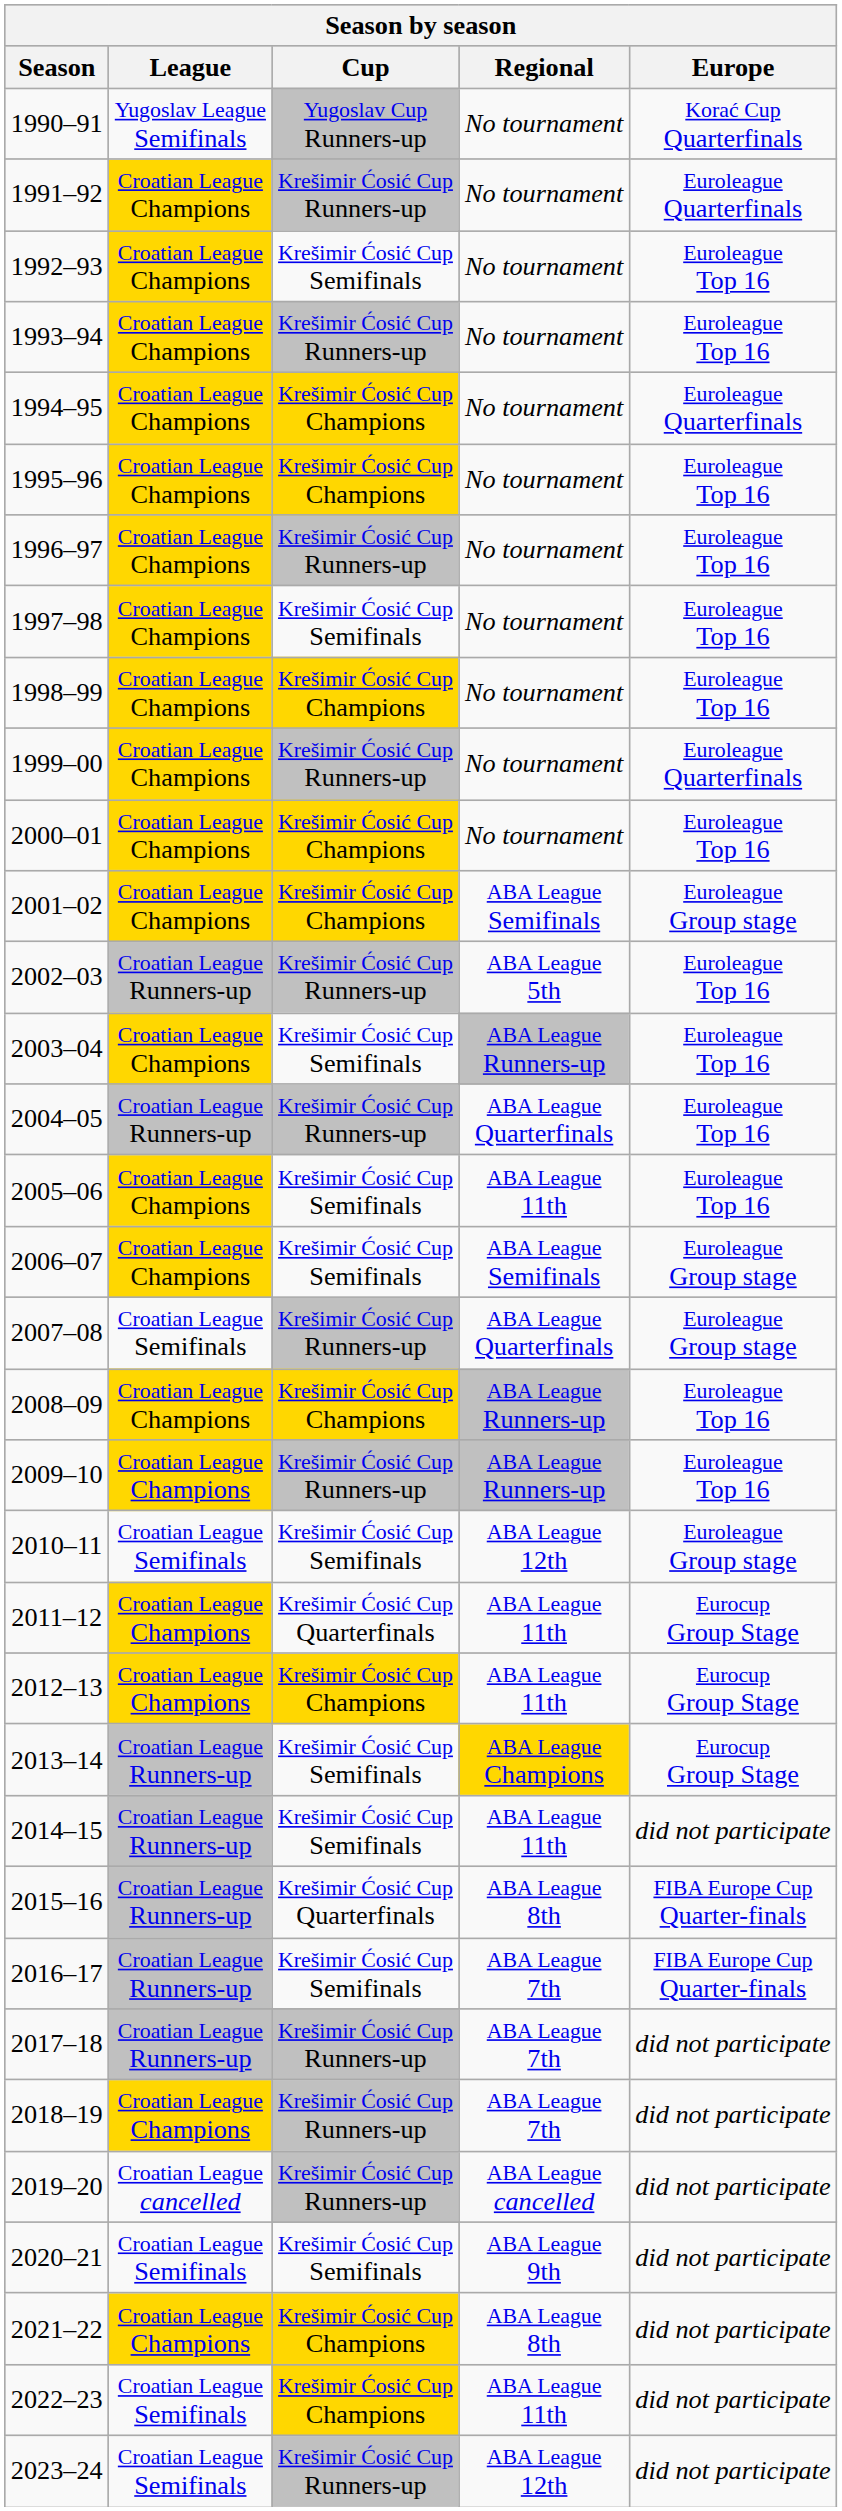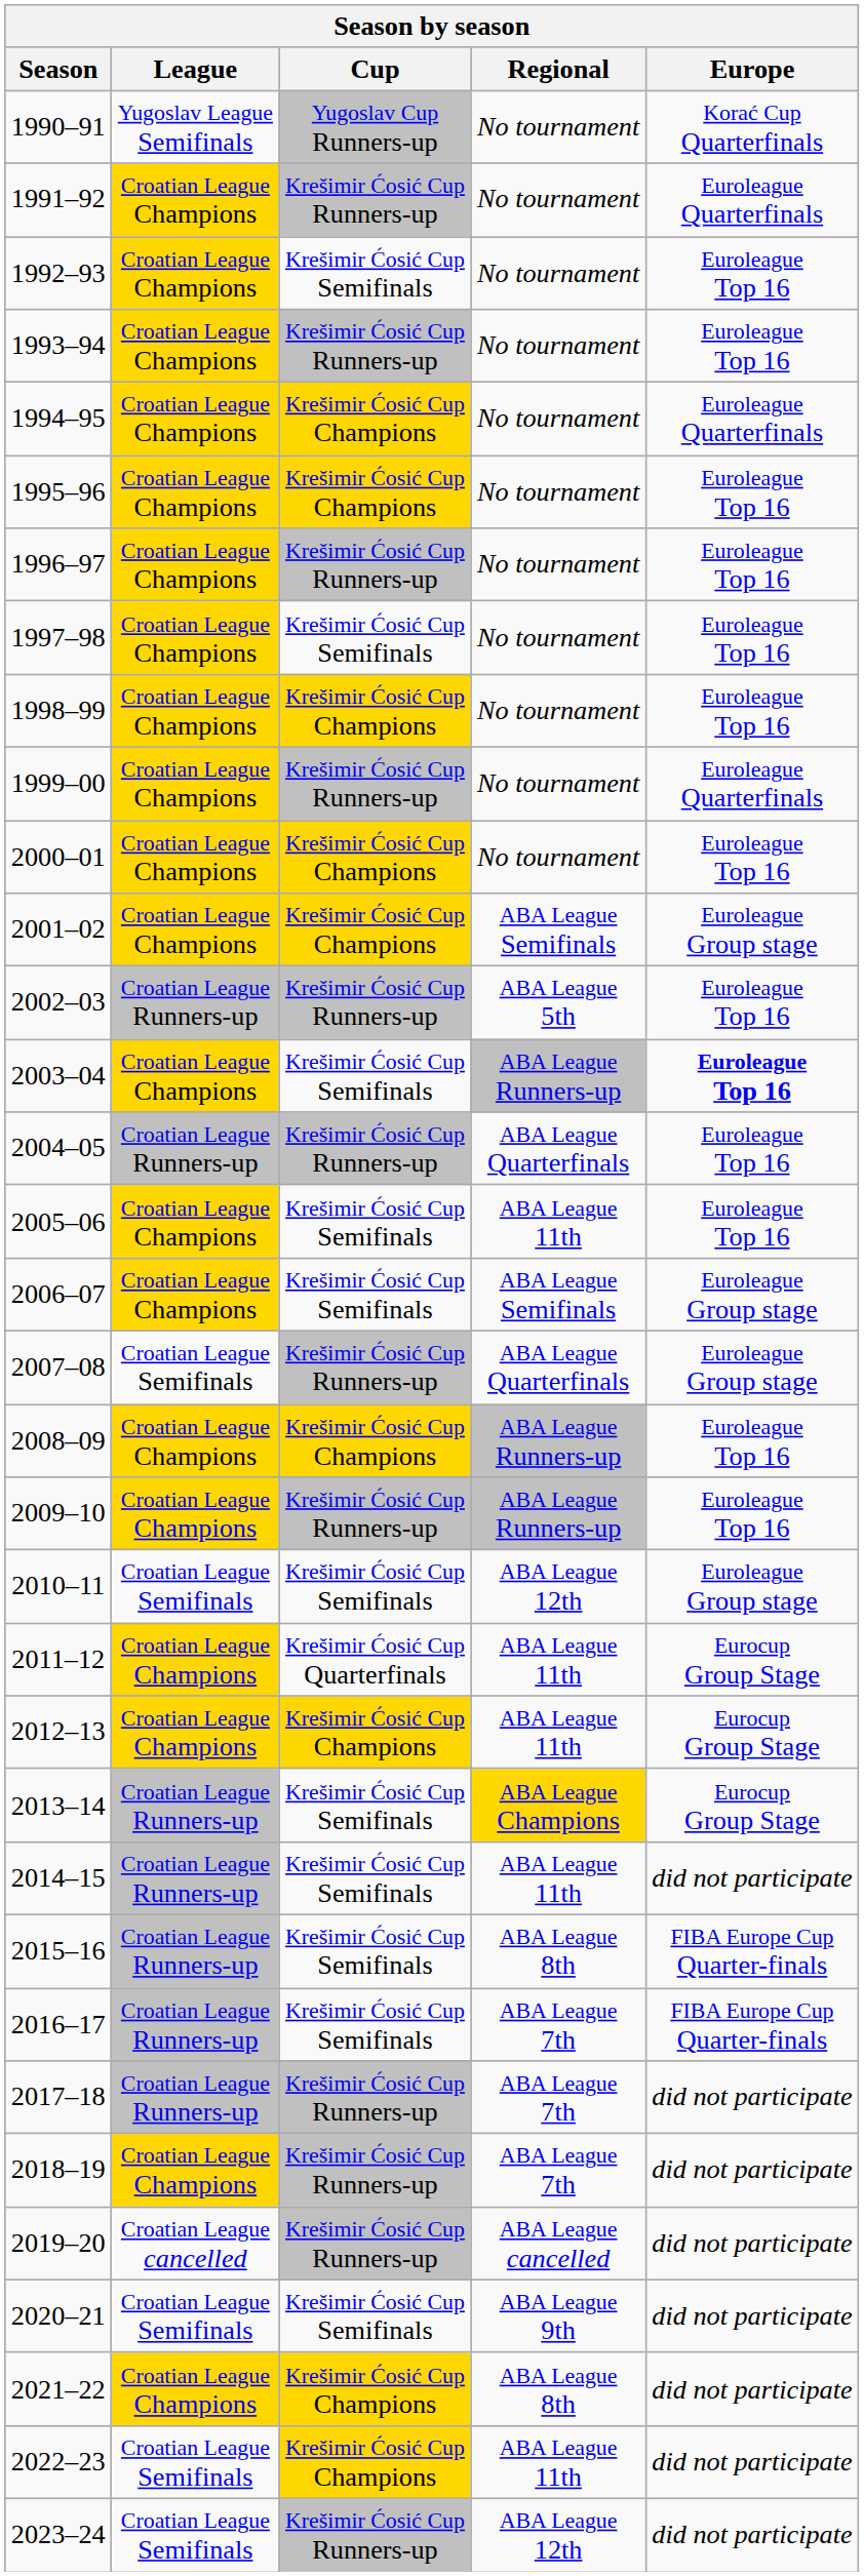 <table class="wikitable collapsible" style="text-align: center">
 <tr>
 <th colspan=5>Season by season</th>
 </tr>
 <tr>
 <th>Season</th>
 <th>League</th>
 <th>Cup</th>
 <th>Regional</th>
 <th>Europe</th>
 </tr>
 <tr>
 <td>1990–91</td>
 <td style="background:bronse;"><small><a href='#'>Yugoslav League</a></small><br><a href='#'>Semifinals</a></td>
 <td style="background:silver;"><small><a href='#'>Yugoslav Cup</a></small><br>Runners-up</td>
 <td><em>No tournament</em></td>
 <td><small><a href='#'>Korać Cup</a></small><br><a href='#'>Quarterfinals</a></td>
 </tr>
 <tr>
 <td>1991–92</td>
 <td style="background:gold;"><small><a href='#'>Croatian League</a></small><br>Champions</td>
 <td style="background:silver;"><small><a href='#'>Krešimir Ćosić Cup</a></small><br>Runners-up</td>
 <td><em>No tournament</em></td>
 <td><small><a href='#'>Euroleague</a></small><br><a href='#'>Quarterfinals</a></td>
 </tr>
 <tr>
 <td>1992–93</td>
 <td style="background:gold;"><small><a href='#'>Croatian League</a></small><br>Champions</td>
 <td><small><a href='#'>Krešimir Ćosić Cup</a></small><br>Semifinals</td>
 <td><em>No tournament</em></td>
 <td><small><a href='#'>Euroleague</a></small><br><a href='#'>Top 16</a></td>
 </tr>
 <tr>
 <td>1993–94</td>
 <td style="background:gold;"><small><a href='#'>Croatian League</a></small><br>Champions</td>
 <td style="background:silver;"><small><a href='#'>Krešimir Ćosić Cup</a></small><br>Runners-up</td>
 <td><em>No tournament</em></td>
 <td><small><a href='#'>Euroleague</a></small><br><a href='#'>Top 16</a></td>
 </tr>
 <tr>
 <td>1994–95</td>
 <td style="background:gold;"><small><a href='#'>Croatian League</a></small><br>Champions</td>
 <td style="background:gold;"><small><a href='#'>Krešimir Ćosić Cup</a></small><br>Champions</td>
 <td><em>No tournament</em></td>
 <td><small><a href='#'>Euroleague</a></small><br><a href='#'>Quarterfinals</a></td>
 </tr>
 <tr>
 <td>1995–96</td>
 <td style="background:gold;"><small><a href='#'>Croatian League</a></small><br>Champions</td>
 <td style="background:gold;"><small><a href='#'>Krešimir Ćosić Cup</a></small><br>Champions</td>
 <td><em>No tournament</em></td>
 <td><small><a href='#'>Euroleague</a></small><br><a href='#'>Top 16</a></td>
 </tr>
 <tr>
 <td>1996–97</td>
 <td style="background:gold;"><small><a href='#'>Croatian League</a></small><br>Champions</td>
 <td style="background:silver;"><small><a href='#'>Krešimir Ćosić Cup</a></small><br>Runners-up</td>
 <td><em>No tournament</em></td>
 <td><small><a href='#'>Euroleague</a></small><br><a href='#'>Top 16</a></td>
 </tr>
 <tr>
 <td>1997–98</td>
 <td style="background:gold;"><small><a href='#'>Croatian League</a></small><br>Champions</td>
 <td><small><a href='#'>Krešimir Ćosić Cup</a></small><br>Semifinals</td>
 <td><em>No tournament</em></td>
 <td><small><a href='#'>Euroleague</a></small><br><a href='#'>Top 16</a></td>
 </tr>
 <tr>
 <td>1998–99</td>
 <td style="background:gold;"><small><a href='#'>Croatian League</a></small><br>Champions</td>
 <td style="background:gold;"><small><a href='#'>Krešimir Ćosić Cup</a></small><br>Champions</td>
 <td><em>No tournament</em></td>
 <td><small><a href='#'>Euroleague</a></small><br><a href='#'>Top 16</a></td>
 </tr>
 <tr>
 <td>1999–00</td>
 <td style="background:gold;"><small><a href='#'>Croatian League</a></small><br>Champions</td>
 <td style="background:silver;"><small><a href='#'>Krešimir Ćosić Cup</a></small><br>Runners-up</td>
 <td><em>No tournament</em></td>
 <td><small><a href='#'>Euroleague</a></small><br><a href='#'>Quarterfinals</a></td>
 </tr>
 <tr>
 <td>2000–01</td>
 <td style="background:gold;"><small><a href='#'>Croatian League</a></small><br>Champions</td>
 <td style="background:gold;"><small><a href='#'>Krešimir Ćosić Cup</a></small><br>Champions</td>
 <td><em>No tournament</em></td>
 <td><small><a href='#'>Euroleague</a></small><br><a href='#'>Top 16</a></td>
 </tr>
 <tr>
 <td>2001–02</td>
 <td style="background:gold;"><small><a href='#'>Croatian League</a></small><br>Champions</td>
 <td style="background:gold;"><small><a href='#'>Krešimir Ćosić Cup</a></small><br>Champions</td>
 <td><small><a href='#'>ABA League</a></small><br><a href='#'>Semifinals</a></td>
 <td><small><a href='#'>Euroleague</a></small><br><a href='#'>Group stage</a></td>
 </tr>
 <tr>
 <td>2002–03</td>
 <td style="background:silver;"><small><a href='#'>Croatian League</a></small><br>Runners-up</td>
 <td style="background:silver;"><small><a href='#'>Krešimir Ćosić Cup</a></small><br>Runners-up</td>
 <td><small><a href='#'>ABA League</a></small><br><a href='#'>5th</a></td>
 <td><small><a href='#'>Euroleague</a></small><br><a href='#'>Top 16</a></td>
 </tr>
 <tr>
 <td>2003–04</td>
 <td style="background:gold;"><small><a href='#'>Croatian League</a></small><br>Champions</td>
 <td><small><a href='#'>Krešimir Ćosić Cup</a></small><br>Semifinals</td>
 <td style="background:silver;"><small><a href='#'>ABA League</a></small><br><a href='#'>Runners-up</a></td>
-<td><small><a href='#'>Euroleague</a></small><br><a href='#'>Top 16</a></td>
+<td><strong><small><a href='#'>Euroleague</a></small><br><a href='#'>Top 16</a></strong></td>
 </tr>
 <tr>
 <td>2004–05</td>
 <td style="background:silver;"><small><a href='#'>Croatian League</a></small><br>Runners-up</td>
 <td style="background:silver;"><small><a href='#'>Krešimir Ćosić Cup</a></small><br>Runners-up</td>
 <td><small><a href='#'>ABA League</a></small><br><a href='#'>Quarterfinals</a></td>
 <td><small><a href='#'>Euroleague</a></small><br><a href='#'>Top 16</a></td>
 </tr>
 <tr>
 <td>2005–06</td>
 <td style="background:gold;"><small><a href='#'>Croatian League</a></small><br>Champions</td>
 <td><small><a href='#'>Krešimir Ćosić Cup</a></small><br>Semifinals</td>
 <td><small><a href='#'>ABA League</a></small><br><a href='#'>11th</a></td>
 <td><small><a href='#'>Euroleague</a></small><br><a href='#'>Top 16</a></td>
 </tr>
 <tr>
 <td>2006–07</td>
 <td style="background:gold;"><small><a href='#'>Croatian League</a></small><br>Champions</td>
 <td><small><a href='#'>Krešimir Ćosić Cup</a></small><br>Semifinals</td>
 <td><small><a href='#'>ABA League</a></small><br><a href='#'>Semifinals</a></td>
 <td><small><a href='#'>Euroleague</a></small><br><a href='#'>Group stage</a></td>
 </tr>
 <tr>
 <td>2007–08</td>
 <td><small><a href='#'>Croatian League</a></small><br>Semifinals</td>
 <td style="background:silver;"><small><a href='#'>Krešimir Ćosić Cup</a></small><br>Runners-up</td>
 <td><small><a href='#'>ABA League</a></small><br><a href='#'>Quarterfinals</a></td>
 <td><small><a href='#'>Euroleague</a></small><br><a href='#'>Group stage</a></td>
 </tr>
 <tr>
 <td>2008–09</td>
 <td style="background:gold;"><small><a href='#'>Croatian League</a></small><br>Champions</td>
 <td style="background:gold;"><small><a href='#'>Krešimir Ćosić Cup</a></small><br>Champions</td>
 <td style="background:silver;"><small><a href='#'>ABA League</a></small><br><a href='#'>Runners-up</a></td>
 <td><small><a href='#'>Euroleague</a></small><br><a href='#'>Top 16</a></td>
 </tr>
 <tr>
 <td>2009–10</td>
 <td style="background:gold;"><small><a href='#'>Croatian League</a></small><br><a href='#'>Champions</a></td>
 <td style="background:silver;"><small><a href='#'>Krešimir Ćosić Cup</a></small><br>Runners-up</td>
 <td style="background:silver;"><small><a href='#'>ABA League</a></small><br><a href='#'>Runners-up</a></td>
 <td><small><a href='#'>Euroleague</a></small><br><a href='#'>Top 16</a></td>
 </tr>
 <tr>
 <td>2010–11</td>
 <td><small><a href='#'>Croatian League</a></small><br><a href='#'>Semifinals</a></td>
 <td><small><a href='#'>Krešimir Ćosić Cup</a></small><br>Semifinals</td>
 <td><small><a href='#'>ABA League</a></small><br><a href='#'>12th</a></td>
 <td><small><a href='#'>Euroleague</a></small><br><a href='#'>Group stage</a></td>
 </tr>
 <tr>
 <td>2011–12</td>
 <td style="background:gold;"><small><a href='#'>Croatian League</a></small><br><a href='#'>Champions</a></td>
 <td><small><a href='#'>Krešimir Ćosić Cup</a></small><br>Quarterfinals</td>
 <td><small><a href='#'>ABA League</a></small><br><a href='#'>11th</a></td>
 <td><small><a href='#'>Eurocup</a></small><br><a href='#'>Group Stage</a></td>
 </tr>
 <tr>
 <td>2012–13</td>
 <td style="background:gold;"><small><a href='#'>Croatian League</a></small><br><a href='#'>Champions</a></td>
 <td style="background:gold;"><small><a href='#'>Krešimir Ćosić Cup</a></small><br>Champions</td>
 <td><small><a href='#'>ABA League</a></small><br><a href='#'>11th</a></td>
 <td><small><a href='#'>Eurocup</a></small><br><a href='#'>Group Stage</a></td>
 </tr>
 <tr>
 <td>2013–14</td>
 <td style="background:silver;"><small><a href='#'>Croatian League</a></small><br><a href='#'>Runners-up</a></td>
 <td><small><a href='#'>Krešimir Ćosić Cup</a></small><br>Semifinals</td>
 <td style="background:gold;"><small><a href='#'>ABA League</a></small><br><a href='#'>Champions</a></td>
 <td><small><a href='#'>Eurocup</a></small><br><a href='#'>Group Stage</a></td>
 </tr>
 <tr>
 <td>2014–15</td>
 <td style="background:silver;"><small><a href='#'>Croatian League</a></small><br><a href='#'>Runners-up</a></td>
 <td><small><a href='#'>Krešimir Ćosić Cup</a></small><br>Semifinals</td>
 <td><small><a href='#'>ABA League</a></small><br><a href='#'>11th</a></td>
 <td><em>did not participate</em></td>
 </tr>
 <tr>
 <td>2015–16</td>
 <td style="background:silver;"><small><a href='#'>Croatian League</a></small><br><a href='#'>Runners-up</a></td>
-<td><small><a href='#'>Krešimir Ćosić Cup</a></small><br>Quarterfinals</td>
+<td><small><a href='#'>Krešimir Ćosić Cup</a></small><br>Semifinals</td>
 <td><small><a href='#'>ABA League</a></small><br><a href='#'>8th</a></td>
 <td><small><a href='#'>FIBA Europe Cup</a></small><br><a href='#'>Quarter-finals</a></td>
 </tr>
 <tr>
 <td>2016–17</td>
 <td style="background:silver;"><small><a href='#'>Croatian League</a></small><br><a href='#'>Runners-up</a></td>
 <td><small><a href='#'>Krešimir Ćosić Cup</a></small><br>Semifinals</td>
 <td><small><a href='#'>ABA League</a></small><br><a href='#'>7th</a></td>
 <td><small><a href='#'>FIBA Europe Cup</a></small><br><a href='#'>Quarter-finals</a></td>
 </tr>
 <tr>
 <td>2017–18</td>
 <td style="background:silver;"><small><a href='#'>Croatian League</a></small><br><a href='#'>Runners-up</a></td>
 <td style="background:silver;"><small><a href='#'>Krešimir Ćosić Cup</a></small><br>Runners-up</td>
 <td><small><a href='#'>ABA League</a></small><br><a href='#'>7th</a></td>
 <td><em>did not participate</em></td>
 </tr>
 <tr>
 <td>2018–19</td>
 <td style="background:gold;"><small><a href='#'>Croatian League</a></small><br><a href='#'>Champions</a></td>
 <td style="background:silver;"><small><a href='#'>Krešimir Ćosić Cup</a></small><br>Runners-up</td>
 <td><small><a href='#'>ABA League</a></small><br><a href='#'>7th</a></td>
 <td><em>did not participate</em></td>
 </tr>
 <tr>
 <td>2019–20</td>
 <td><small><a href='#'>Croatian League</a></small><br><em><a href='#'>cancelled</a></em></td>
 <td style="background:silver;"><small><a href='#'>Krešimir Ćosić Cup</a></small><br>Runners-up</td>
 <td><small><a href='#'>ABA League</a></small><br><em><a href='#'>cancelled</a></em></td>
 <td><em>did not participate</em></td>
 </tr>
 <tr>
 <td>2020–21</td>
 <td><small><a href='#'>Croatian League</a></small><br><a href='#'>Semifinals</a></td>
 <td><small><a href='#'>Krešimir Ćosić Cup</a></small><br>Semifinals</td>
 <td><small><a href='#'>ABA League</a></small><br><a href='#'>9th</a></td>
 <td><em>did not participate</em></td>
 </tr>
 <tr>
 <td>2021–22</td>
 <td style="background:gold;"><small><a href='#'>Croatian League</a></small><br><a href='#'>Champions</a></td>
 <td style="background:gold;"><small><a href='#'>Krešimir Ćosić Cup</a></small><br>Champions</td>
 <td><small><a href='#'>ABA League</a></small><br><a href='#'>8th</a></td>
 <td><em>did not participate</em></td>
 </tr>
 <tr>
 <td>2022–23</td>
 <td><small><a href='#'>Croatian League</a></small><br><a href='#'>Semifinals</a></td>
 <td style="background:gold;"><small><a href='#'>Krešimir Ćosić Cup</a></small><br>Champions</td>
 <td><small><a href='#'>ABA League</a></small><br><a href='#'>11th</a></td>
 <td><em>did not participate</em></td>
 </tr>
 <tr>
 <td>2023–24</td>
 <td><small><a href='#'>Croatian League</a></small><br><a href='#'>Semifinals</a></td>
 <td style="background:silver;"><small><a href='#'>Krešimir Ćosić Cup</a></small><br>Runners-up</td>
 <td><small><a href='#'>ABA League</a></small><br><a href='#'>12th</a></td>
 <td><em>did not participate</em></td>
 </tr>
 </table>
